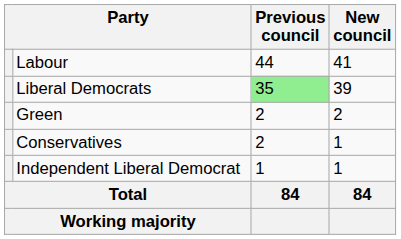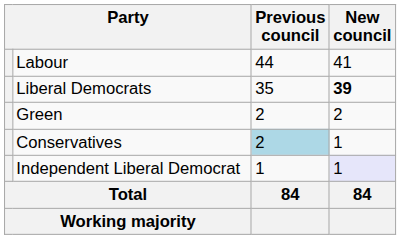 <table class="wikitable">
 <tr>
 <th valign=top colspan="2" style="width: 230px">Party</th>
 <th valign=top style="width: 30px">Previous council</th>
 <th valign=top style="width: 30px">New council</th>
 </tr>
 <tr>
 <th style="background-color: "></th>
 <td>Labour</td>
 <td>44</td>
 <td>41</td>
 </tr>
 <tr>
 <th style="background-color: "></th>
 <td>Liberal Democrats</td>
-<td style="background: lightgreen;">35</td>
-<td>39</td>
+<td>35</td>
+<td><strong>39</strong></td>
 </tr>
 <tr>
 <th style="background-color: "></th>
 <td>Green</td>
 <td>2</td>
 <td>2</td>
 </tr>
 <tr>
 <th style="background-color: "></th>
 <td>Conservatives</td>
-<td>2</td>
+<td style="background: lightblue;">2</td>
 <td>1</td>
 </tr>
 <tr>
 <th style="background-color: "></th>
 <td>Independent Liberal Democrat</td>
 <td>1</td>
-<td>1</td>
+<td style="background: lavender;">1</td>
 </tr>
 <tr>
 <th colspan=2>Total</th>
 <th style="text-align: center">84</th>
 <th colspan=3>84</th>
 </tr>
 <tr>
 <th colspan=2>Working majority</th>
 <th></th>
 <th></th>
 </tr>
 </table>
